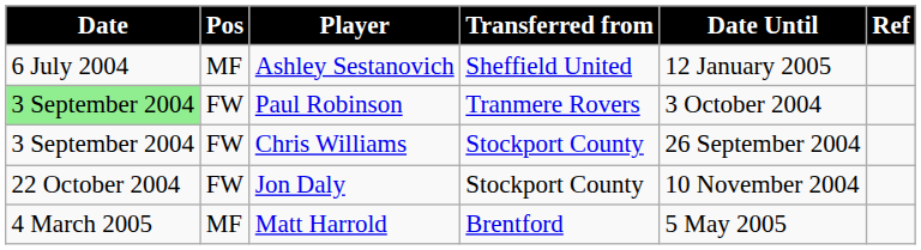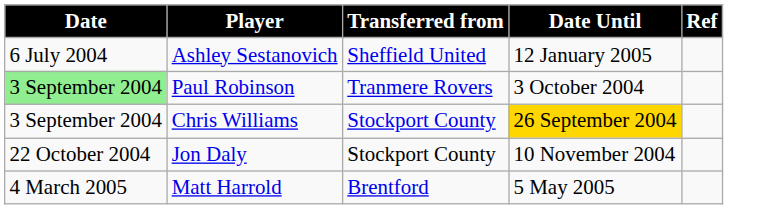 <table class="wikitable plainrowheaders sortable">
 <tr>
 <th style="background:#000000; color:#FFFFFF; ">Date</th>
-<th style="background:#000000; color:#FFFFff; ">Pos</th>
 <th style="background:#000000; color:#FFFFff; ">Player</th>
 <th style="background:#000000; color:#FFFFff; ">Transferred from</th>
 <th style="background:#000000; color:#FFFFff; ">Date Until</th>
 <th style="background:#000000; color:#FFFFff; ">Ref</th>
 </tr>
 <tr>
 <td>6 July 2004</td>
-<td>MF</td>
 <td> <a href='#'>Ashley Sestanovich</a></td>
 <td> <a href='#'>Sheffield United</a></td>
 <td>12 January 2005</td>
 <td></td>
 </tr>
 <tr>
 <td style="background: lightgreen;">3 September 2004</td>
-<td>FW</td>
 <td> <a href='#'>Paul Robinson</a></td>
 <td> <a href='#'>Tranmere Rovers</a></td>
 <td>3 October 2004</td>
 <td></td>
 </tr>
 <tr>
 <td>3 September 2004</td>
-<td>FW</td>
 <td> <a href='#'>Chris Williams</a></td>
 <td> <a href='#'>Stockport County</a></td>
-<td>26 September 2004</td>
+<td style="background: gold;">26 September 2004</td>
 <td></td>
 </tr>
 <tr>
 <td>22 October 2004</td>
-<td>FW</td>
 <td> <a href='#'>Jon Daly</a></td>
 <td> Stockport County</td>
 <td>10 November 2004</td>
 <td></td>
 </tr>
 <tr>
 <td>4 March 2005</td>
-<td>MF</td>
 <td> <a href='#'>Matt Harrold</a></td>
 <td> <a href='#'>Brentford</a></td>
 <td>5 May 2005</td>
 <td></td>
 </tr>
 </table>
